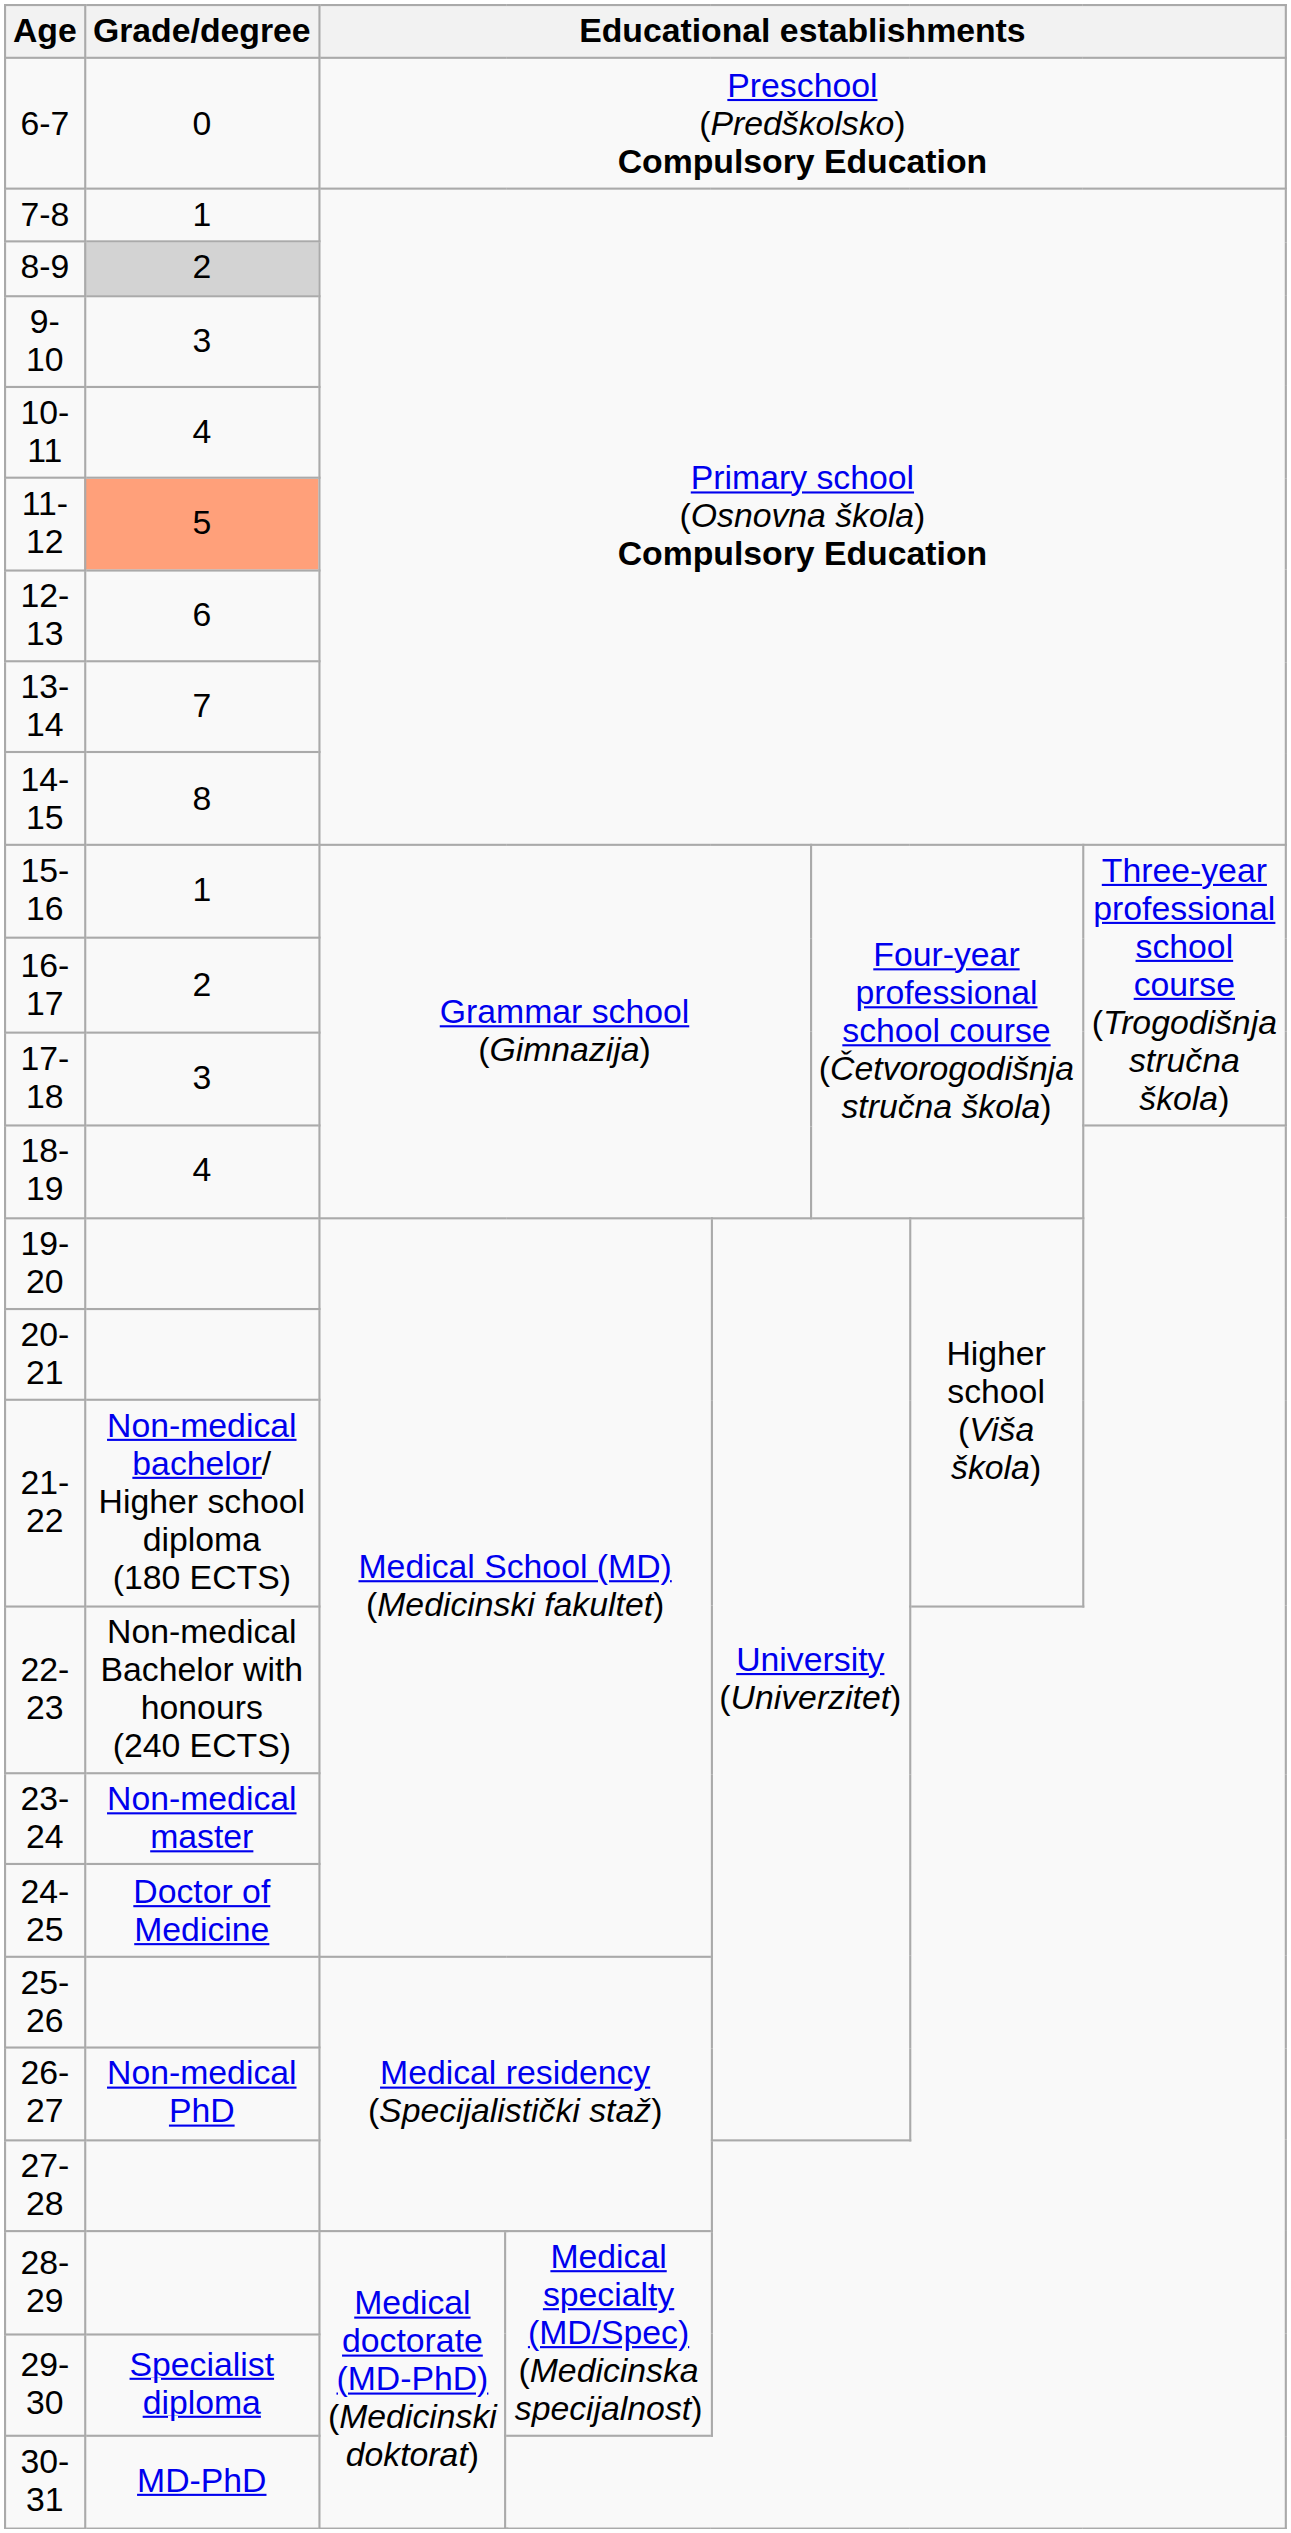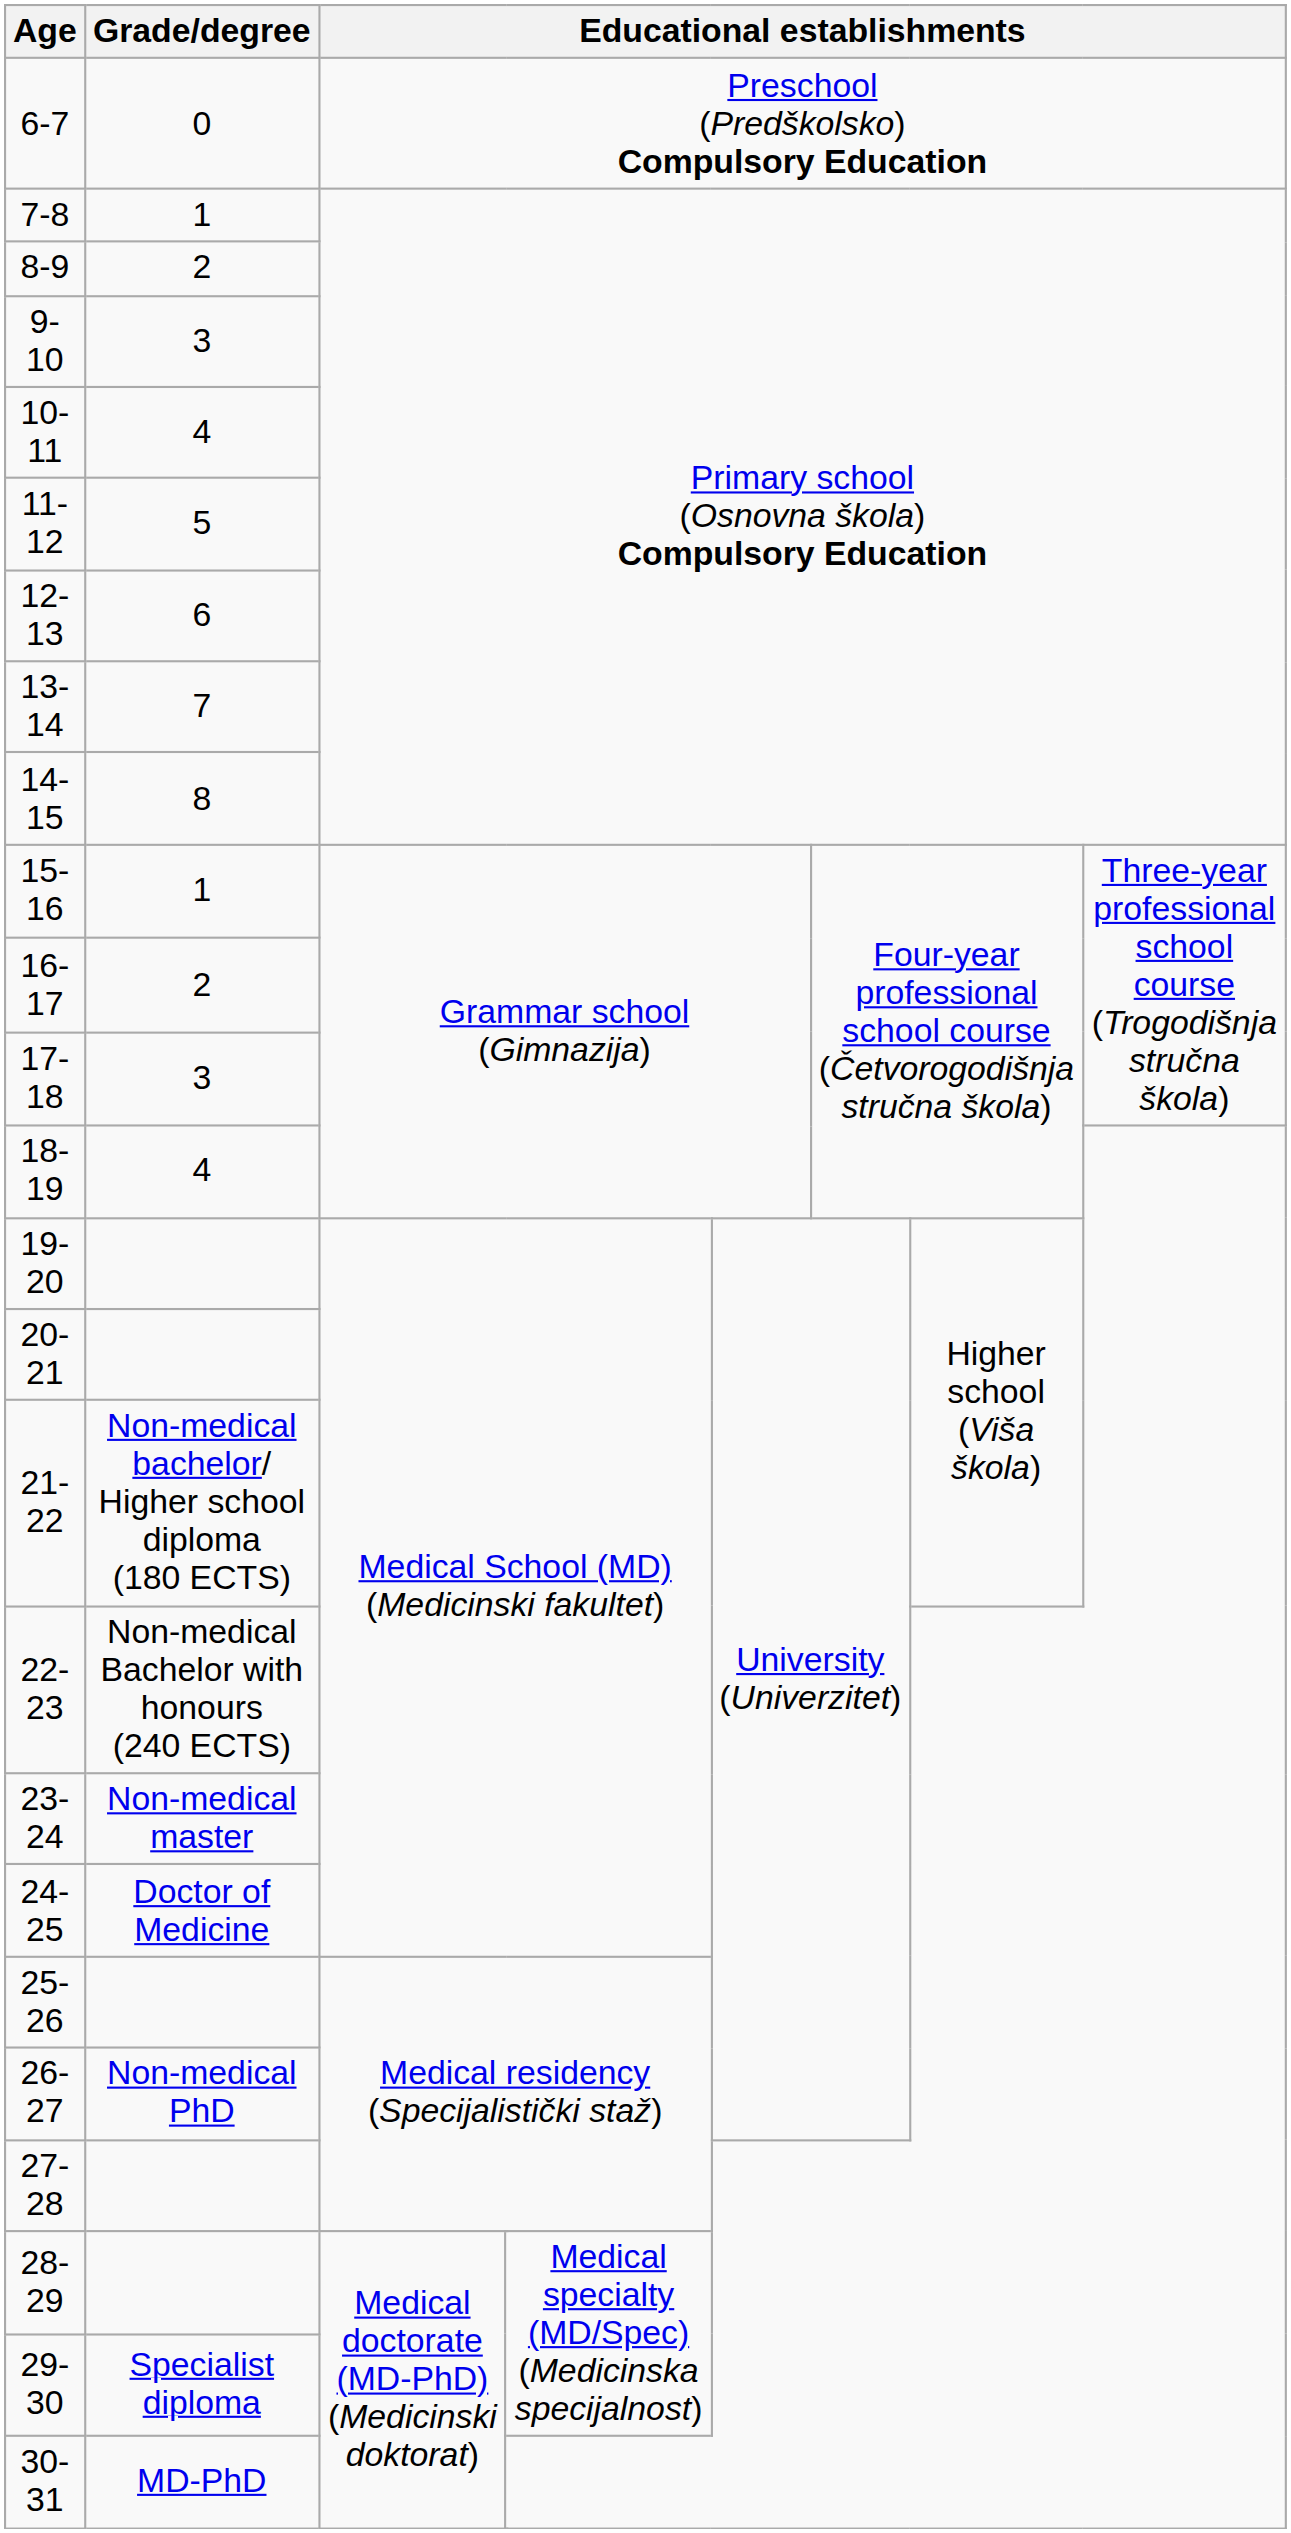 <table class="wikitable" style="text-align:center">
 <tr>
 <th>Age</th>
 <th>Grade/degree</th>
 <th colspan=10>Educational establishments</th>
 </tr>
 <tr>
 <td>6-7</td>
 <td>0</td>
 <td rowspan=1 colspan=10><a href='#'>Preschool</a><br>(<em>Predškolsko</em>)<br><strong>Compulsory Education</strong></td>
 </tr>
 <tr>
 <td>7-8</td>
 <td>1</td>
 <td rowspan=8 colspan=10><a href='#'>Primary school</a><br>(<em>Osnovna škola</em>)<br><strong>Compulsory Education</strong></td>
 </tr>
 <tr>
 <td>8-9</td>
-<td style="background: lightgrey;">2</td>
+<td>2</td>
 </tr>
 <tr>
 <td>9-10</td>
 <td>3</td>
 </tr>
 <tr>
 <td>10-11</td>
 <td>4</td>
 </tr>
 <tr>
 <td>11-12</td>
-<td style="background: lightsalmon;">5</td>
+<td>5</td>
 </tr>
 <tr>
 <td>12-13</td>
 <td>6</td>
 </tr>
 <tr>
 <td>13-14</td>
 <td>7</td>
 </tr>
 <tr>
 <td>14-15</td>
 <td>8</td>
 </tr>
 <tr>
 <td>15-16</td>
 <td>1</td>
 <td rowspan=4 colspan=5><a href='#'>Grammar school</a><br>(<em>Gimnazija</em>)</td>
 <td rowspan=4 colspan=3><a href='#'>Four-year professional<br>school course</a><br>(<em>Četvorogodišnja stručna škola</em>)</td>
 <td rowspan=3 colspan=2><a href='#'>Three-year professional<br>school course</a><br>(<em>Trogodišnja stručna škola</em>)</td>
 </tr>
 <tr>
 <td>16-17</td>
 <td>2</td>
 </tr>
 <tr>
 <td>17-18</td>
 <td>3</td>
 </tr>
 <tr>
 <td>18-19</td>
 <td>4</td>
 </tr>
 <tr>
 <td>19-20</td>
 <td></td>
 <td rowspan=6 colspan=4><a href='#'>Medical School (MD)</a><br>(<em>Medicinski fakultet</em>)</td>
 <td rowspan=8 colspan=2><a href='#'>University</a><br>(<em>Univerzitet</em>)</td>
 <td rowspan=3 colspan=2>Higher school<br>(<em>Viša škola</em>)</td>
 </tr>
 <tr>
 <td>20-21</td>
 <td></td>
 </tr>
 <tr>
 <td>21-22</td>
 <td><a href='#'>Non-medical bachelor</a>/<br>Higher school diploma<br>(180 ECTS)</td>
 </tr>
 <tr>
 <td>22-23</td>
 <td>Non-medical<br>Bachelor with honours<br>(240 ECTS)</td>
 </tr>
 <tr>
 <td>23-24</td>
 <td><a href='#'>Non-medical master</a></td>
 </tr>
 <tr>
 <td>24-25</td>
 <td><a href='#'>Doctor of Medicine</a></td>
 </tr>
 <tr>
 <td>25-26</td>
 <td></td>
 <td rowspan=3 colspan=4><a href='#'>Medical residency</a><br>(<em>Specijalistički staž</em>)</td>
 </tr>
 <tr>
 <td>26-27</td>
 <td><a href='#'>Non-medical PhD</a></td>
 </tr>
 <tr>
 <td>27-28</td>
 <td></td>
 </tr>
 <tr>
 <td>28-29</td>
 <td></td>
 <td rowspan=3 colspan=2><a href='#'>Medical doctorate (MD-PhD)</a><br>(<em>Medicinski doktorat</em>)</td>
 <td rowspan=2 colspan=2><a href='#'>Medical specialty (MD/Spec)</a><br>(<em>Medicinska specijalnost</em>)</td>
 </tr>
 <tr>
 <td>29-30</td>
 <td><a href='#'>Specialist diploma</a></td>
 </tr>
 <tr>
 <td>30-31</td>
 <td><a href='#'>MD-PhD</a></td>
 </tr>
 </table>
